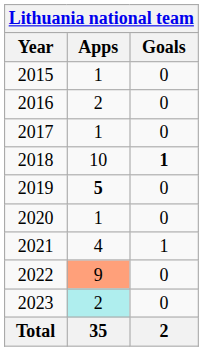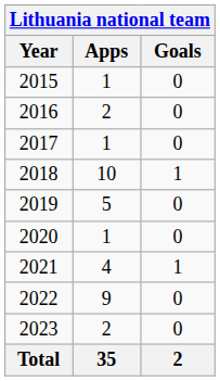 <table class="wikitable" style="text-align:center">
 <tr>
 <th colspan=3><a href='#'>Lithuania national team</a></th>
 </tr>
 <tr>
 <th>Year</th>
 <th>Apps</th>
 <th>Goals</th>
 </tr>
 <tr>
 <td>2015</td>
 <td>1</td>
 <td>0</td>
 </tr>
 <tr>
 <td>2016</td>
 <td>2</td>
 <td>0</td>
 </tr>
 <tr>
 <td>2017</td>
 <td>1</td>
 <td>0</td>
 </tr>
 <tr>
 <td>2018</td>
 <td>10</td>
-<td><strong>1</strong></td>
+<td>1</td>
 </tr>
 <tr>
 <td>2019</td>
-<td><strong>5</strong></td>
+<td>5</td>
 <td>0</td>
 </tr>
 <tr>
 <td>2020</td>
 <td>1</td>
 <td>0</td>
 </tr>
 <tr>
 <td>2021</td>
 <td>4</td>
 <td>1</td>
 </tr>
 <tr>
 <td>2022</td>
-<td style="background: lightsalmon;">9</td>
+<td>9</td>
 <td>0</td>
 </tr>
 <tr>
 <td>2023</td>
-<td style="background: paleturquoise;">2</td>
+<td>2</td>
 <td>0</td>
 </tr>
 <tr>
 <th>Total</th>
 <th>35</th>
 <th>2</th>
 </tr>
 </table>
